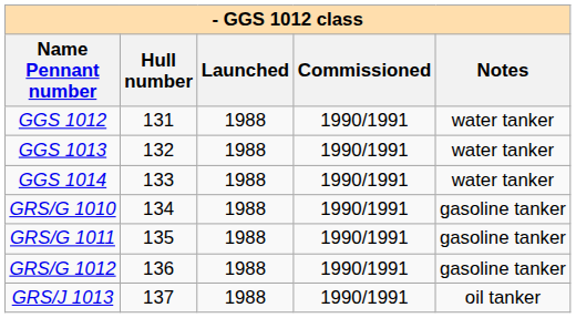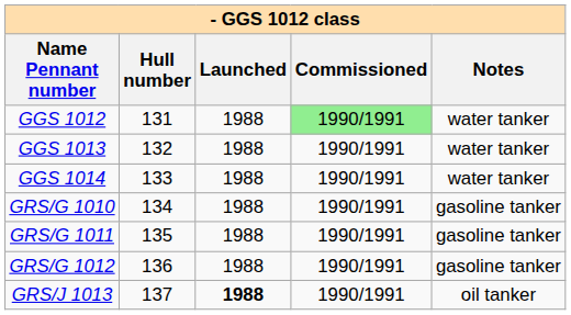 <table border="1" class="sortable wikitable">
 <tr>
 <th colspan="11" style="background:#ffdead;"> - GGS 1012 class</th>
 </tr>
 <tr>
 <th>Name<br><a href='#'>Pennant<br>number</a></th>
 <th>Hull<br>number</th>
 <th>Launched</th>
 <th>Commissioned</th>
 <th>Notes</th>
 </tr>
 <tr style="text-align:center;">
 <td><em><a href='#'>GGS 1012</a></em></td>
 <td>131</td>
 <td>1988</td>
-<td>1990/1991</td>
+<td style="background: lightgreen;">1990/1991</td>
 <td>water tanker</td>
 </tr>
 <tr style="text-align:center;">
 <td><em><a href='#'>GGS 1013</a></em></td>
 <td>132</td>
 <td>1988</td>
 <td>1990/1991</td>
 <td>water tanker</td>
 </tr>
 <tr style="text-align:center;">
 <td><em><a href='#'>GGS 1014</a></em></td>
 <td>133</td>
 <td>1988</td>
 <td>1990/1991</td>
 <td>water tanker</td>
 </tr>
 <tr style="text-align:center;">
 <td><em><a href='#'>GRS/G 1010</a></em></td>
 <td>134</td>
 <td>1988</td>
 <td>1990/1991</td>
 <td>gasoline tanker</td>
 </tr>
 <tr style="text-align:center;">
 <td><em><a href='#'>GRS/G 1011</a></em></td>
 <td>135</td>
 <td>1988</td>
 <td>1990/1991</td>
 <td>gasoline tanker</td>
 </tr>
 <tr style="text-align:center;">
 <td><em><a href='#'>GRS/G 1012</a></em></td>
 <td>136</td>
 <td>1988</td>
 <td>1990/1991</td>
 <td>gasoline tanker</td>
 </tr>
 <tr style="text-align:center;">
 <td><em><a href='#'>GRS/J 1013</a></em></td>
 <td>137</td>
-<td>1988</td>
+<td><strong>1988</strong></td>
 <td>1990/1991</td>
 <td>oil tanker</td>
 </tr>
 </table>
